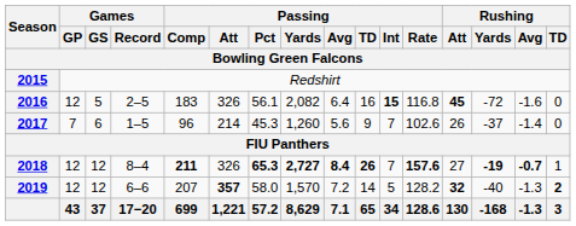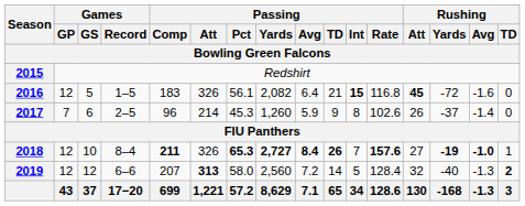 <table class="wikitable" style="text-align:center;">
 <tr>
 <th rowspan="2">Season</th>
 <th colspan="3">Games</th>
 <th colspan="8">Passing</th>
 <th colspan="4">Rushing</th>
 </tr>
 <tr>
 <th>GP</th>
 <th>GS</th>
 <th>Record</th>
 <th>Comp</th>
 <th>Att</th>
 <th>Pct</th>
 <th>Yards</th>
 <th>Avg</th>
 <th>TD</th>
 <th>Int</th>
 <th>Rate</th>
 <th>Att</th>
 <th>Yards</th>
 <th>Avg</th>
 <th>TD</th>
 </tr>
 <tr>
 <th colspan="16">Bowling Green Falcons</th>
 </tr>
 <tr>
 <th><a href='#'>2015</a></th>
 <td colspan="15"><em>Redshirt </em></td>
 </tr>
 <tr>
 <th><a href='#'>2016</a></th>
 <td>12</td>
 <td>5</td>
-<td>2–5</td>
+<td>1–5</td>
 <td>183</td>
 <td>326</td>
 <td>56.1</td>
 <td>2,082</td>
 <td>6.4</td>
-<td>16</td>
+<td>21</td>
 <td><strong>15</strong></td>
 <td>116.8</td>
 <td><strong>45</strong></td>
 <td>-72</td>
 <td>-1.6</td>
 <td>0</td>
 </tr>
 <tr>
 <th><a href='#'>2017</a></th>
 <td>7</td>
 <td>6</td>
-<td>1–5</td>
+<td>2–5</td>
 <td>96</td>
 <td>214</td>
 <td>45.3</td>
 <td>1,260</td>
-<td>5.6</td>
+<td>5.9</td>
 <td>9</td>
-<td>7</td>
+<td>8</td>
 <td>102.6</td>
 <td>26</td>
 <td>-37</td>
 <td>-1.4</td>
 <td>0</td>
 </tr>
 <tr>
 <th colspan="16">FIU Panthers</th>
 </tr>
 <tr>
 <th><a href='#'>2018</a></th>
 <td>12</td>
-<td>12</td>
+<td>10</td>
 <td>8–4</td>
 <td><strong>211</strong></td>
 <td>326</td>
 <td><strong>65.3</strong></td>
 <td><strong>2,727</strong></td>
 <td><strong>8.4</strong></td>
 <td><strong>26</strong></td>
 <td>7</td>
 <td><strong>157.6</strong></td>
 <td>27</td>
 <td><strong>-19</strong></td>
-<td><strong>-0.7</strong></td>
+<td><strong>-1.0</strong></td>
 <td>1</td>
 </tr>
 <tr>
 <th><a href='#'>2019</a></th>
 <td>12</td>
 <td>12</td>
 <td>6–6</td>
 <td>207</td>
-<td><strong>357</strong></td>
+<td><strong>313</strong></td>
 <td>58.0</td>
-<td>1,570</td>
+<td>2,560</td>
 <td>7.2</td>
 <td>14</td>
 <td>5</td>
-<td>128.2</td>
-<td><strong>32</strong></td>
+<td>128.4</td>
+<td>32</td>
 <td>-40</td>
 <td>-1.3</td>
 <td><strong>2</strong></td>
 </tr>
 <tr>
 <th></th>
 <th>43</th>
 <th>37</th>
 <th>17−20</th>
 <th>699</th>
 <th>1,221</th>
 <th>57.2</th>
 <th>8,629</th>
 <th>7.1</th>
 <th>65</th>
 <th>34</th>
 <th>128.6</th>
 <th>130</th>
 <th>-168</th>
 <th>-1.3</th>
 <th>3</th>
 </tr>
 </table>
